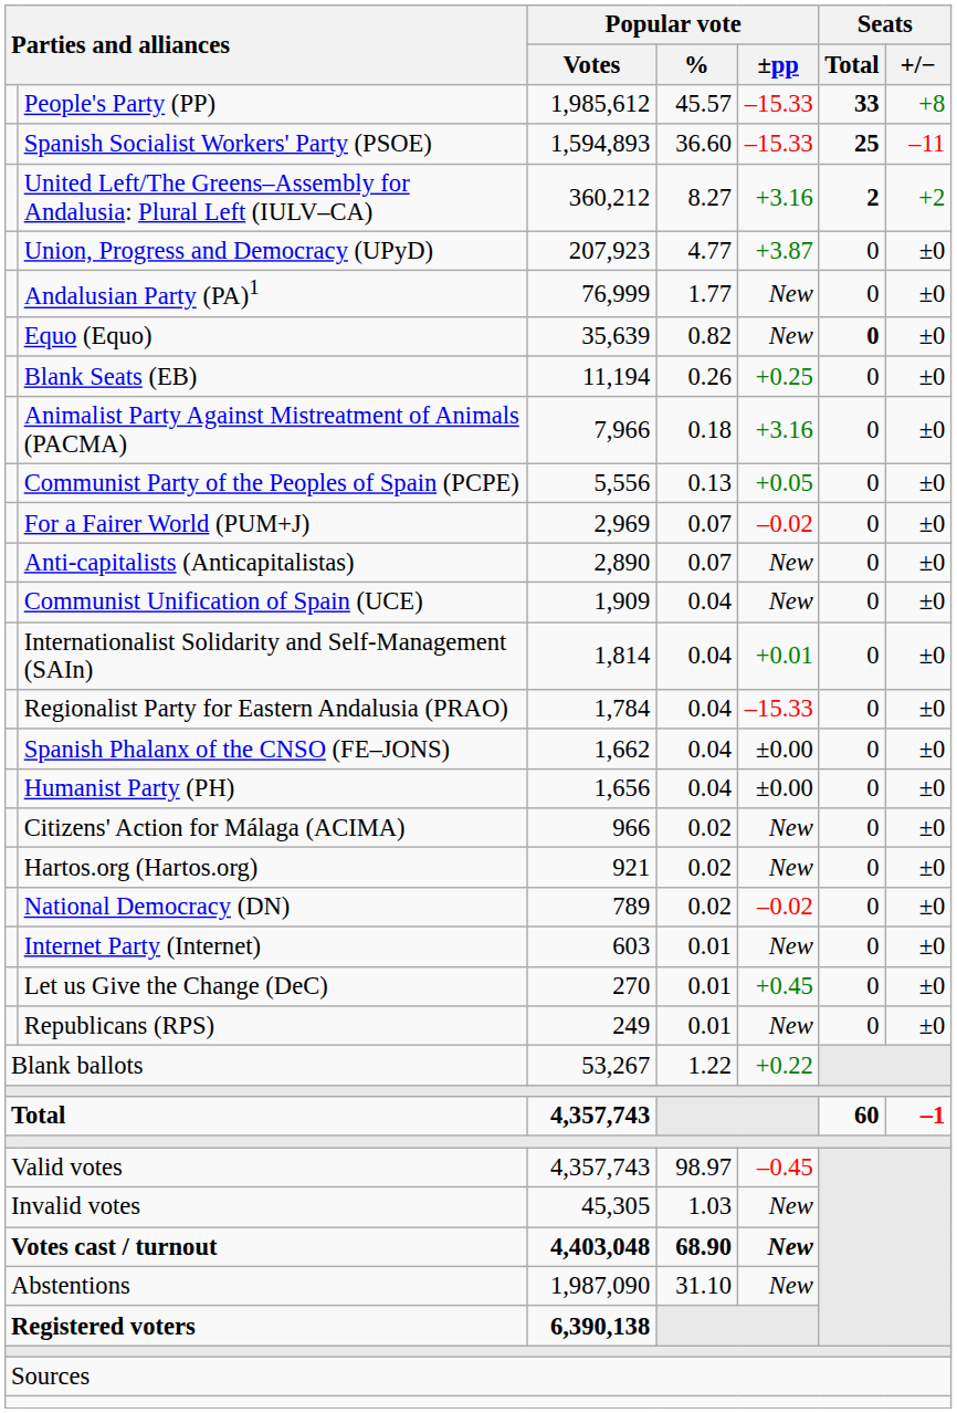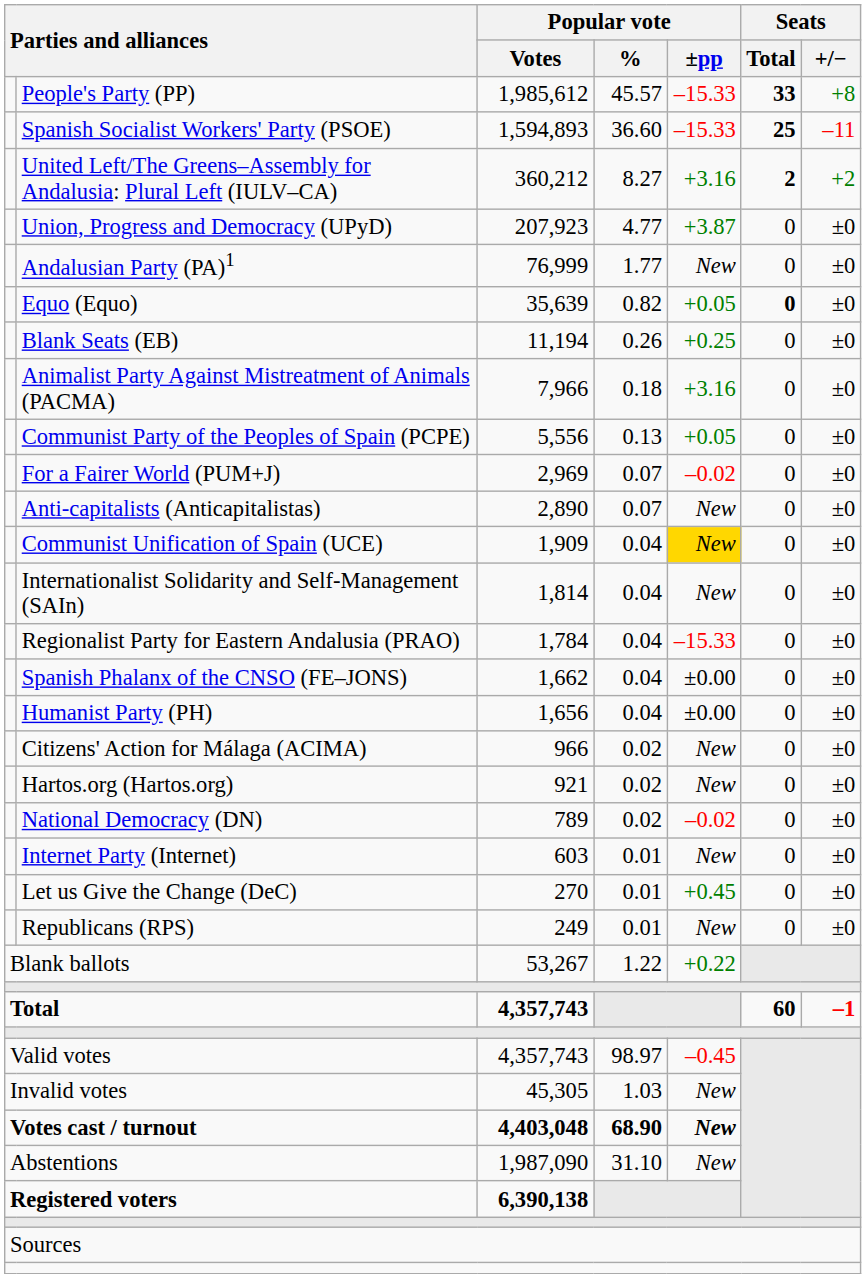 <table class="wikitable" style="text-align:right;">
 <tr>
 <th style="text-align:left;" rowspan="2" colspan="2" width="525">Parties and alliances</th>
 <th colspan="3">Popular vote</th>
 <th colspan="2">Seats</th>
 </tr>
 <tr>
 <th width="75">Votes</th>
 <th width="45">%</th>
 <th width="45">±<a href='#'>pp</a></th>
 <th width="35">Total</th>
 <th width="35">+/−</th>
 </tr>
 <tr>
 <td width="1" style="color:inherit;background:"></td>
 <td align="left"><a href='#'>People's Party</a> (PP)</td>
 <td>1,985,612</td>
 <td>45.57</td>
 <td style="color:red;">–15.33</td>
 <td><strong>33</strong></td>
 <td style="color:green;">+8</td>
 </tr>
 <tr>
 <td style="color:inherit;background:"></td>
 <td align="left"><a href='#'>Spanish Socialist Workers' Party</a> (PSOE)</td>
 <td>1,594,893</td>
 <td>36.60</td>
 <td style="color:red;">–15.33</td>
 <td><strong>25</strong></td>
 <td style="color:red;">–11</td>
 </tr>
 <tr>
 <td style="color:inherit;background:"></td>
 <td align="left"><a href='#'>United Left/The Greens–Assembly for Andalusia</a>: <a href='#'>Plural Left</a> (IULV–CA)</td>
 <td>360,212</td>
 <td>8.27</td>
 <td style="color:green;">+3.16</td>
 <td><strong>2</strong></td>
 <td style="color:green;">+2</td>
 </tr>
 <tr>
 <td style="color:inherit;background:"></td>
 <td align="left"><a href='#'>Union, Progress and Democracy</a> (UPyD)</td>
 <td>207,923</td>
 <td>4.77</td>
 <td style="color:green;">+3.87</td>
 <td>0</td>
 <td>±0</td>
 </tr>
 <tr>
 <td style="color:inherit;background:"></td>
 <td align="left"><a href='#'>Andalusian Party</a> (PA)<sup>1</sup></td>
 <td>76,999</td>
 <td>1.77</td>
 <td><em>New</em></td>
 <td>0</td>
 <td>±0</td>
 </tr>
 <tr>
 <td style="color:inherit;background:"></td>
 <td align="left"><a href='#'>Equo</a> (Equo)</td>
 <td>35,639</td>
 <td>0.82</td>
-<td><em>New</em></td>
+<td style="color:green;">+0.05</td>
 <td><strong>0</strong></td>
 <td>±0</td>
 </tr>
 <tr>
 <td style="color:inherit;background:"></td>
 <td align="left"><a href='#'>Blank Seats</a> (EB)</td>
 <td>11,194</td>
 <td>0.26</td>
 <td style="color:green;">+0.25</td>
 <td>0</td>
 <td>±0</td>
 </tr>
 <tr>
 <td style="color:inherit;background:"></td>
 <td align="left"><a href='#'>Animalist Party Against Mistreatment of Animals</a> (PACMA)</td>
 <td>7,966</td>
 <td>0.18</td>
 <td style="color:green;">+3.16</td>
 <td>0</td>
 <td>±0</td>
 </tr>
 <tr>
 <td style="color:inherit;background:"></td>
 <td align="left"><a href='#'>Communist Party of the Peoples of Spain</a> (PCPE)</td>
 <td>5,556</td>
 <td>0.13</td>
 <td style="color:green;">+0.05</td>
 <td>0</td>
 <td>±0</td>
 </tr>
 <tr>
 <td style="color:inherit;background:"></td>
 <td align="left"><a href='#'>For a Fairer World</a> (PUM+J)</td>
 <td>2,969</td>
 <td>0.07</td>
 <td style="color:red;">–0.02</td>
 <td>0</td>
 <td>±0</td>
 </tr>
 <tr>
 <td style="color:inherit;background:"></td>
 <td align="left"><a href='#'>Anti-capitalists</a> (Anticapitalistas)</td>
 <td>2,890</td>
 <td>0.07</td>
 <td><em>New</em></td>
 <td>0</td>
 <td>±0</td>
 </tr>
 <tr>
 <td style="color:inherit;background:"></td>
 <td align="left"><a href='#'>Communist Unification of Spain</a> (UCE)</td>
 <td>1,909</td>
 <td>0.04</td>
-<td><em>New</em></td>
+<td style="background: gold;"><em>New</em></td>
 <td>0</td>
 <td>±0</td>
 </tr>
 <tr>
 <td style="color:inherit;background:"></td>
 <td align="left">Internationalist Solidarity and Self-Management (SAIn)</td>
 <td>1,814</td>
 <td>0.04</td>
-<td style="color:green;">+0.01</td>
+<td><em>New</em></td>
 <td>0</td>
 <td>±0</td>
 </tr>
 <tr>
 <td style="color:inherit;background:"></td>
 <td align="left">Regionalist Party for Eastern Andalusia (PRAO)</td>
 <td>1,784</td>
 <td>0.04</td>
 <td style="color:red;">–15.33</td>
 <td>0</td>
 <td>±0</td>
 </tr>
 <tr>
 <td style="color:inherit;background:"></td>
 <td align="left"><a href='#'>Spanish Phalanx of the CNSO</a> (FE–JONS)</td>
 <td>1,662</td>
 <td>0.04</td>
 <td>±0.00</td>
 <td>0</td>
 <td>±0</td>
 </tr>
 <tr>
 <td style="color:inherit;background:"></td>
 <td align="left"><a href='#'>Humanist Party</a> (PH)</td>
 <td>1,656</td>
 <td>0.04</td>
 <td>±0.00</td>
 <td>0</td>
 <td>±0</td>
 </tr>
 <tr>
 <td style="color:inherit;background:"></td>
 <td align="left">Citizens' Action for Málaga (ACIMA)</td>
 <td>966</td>
 <td>0.02</td>
 <td><em>New</em></td>
 <td>0</td>
 <td>±0</td>
 </tr>
 <tr>
 <td style="color:inherit;background:"></td>
 <td align="left">Hartos.org (Hartos.org)</td>
 <td>921</td>
 <td>0.02</td>
 <td><em>New</em></td>
 <td>0</td>
 <td>±0</td>
 </tr>
 <tr>
 <td style="color:inherit;background:"></td>
 <td align="left"><a href='#'>National Democracy</a> (DN)</td>
 <td>789</td>
 <td>0.02</td>
 <td style="color:red;">–0.02</td>
 <td>0</td>
 <td>±0</td>
 </tr>
 <tr>
 <td style="color:inherit;background:"></td>
 <td align="left"><a href='#'>Internet Party</a> (Internet)</td>
 <td>603</td>
 <td>0.01</td>
 <td><em>New</em></td>
 <td>0</td>
 <td>±0</td>
 </tr>
 <tr>
 <td style="color:inherit;background:"></td>
 <td align="left">Let us Give the Change (DeC)</td>
 <td>270</td>
 <td>0.01</td>
 <td style="color:green;">+0.45</td>
 <td>0</td>
 <td>±0</td>
 </tr>
 <tr>
 <td style="color:inherit;background:"></td>
 <td align="left">Republicans (RPS)</td>
 <td>249</td>
 <td>0.01</td>
 <td><em>New</em></td>
 <td>0</td>
 <td>±0</td>
 </tr>
 <tr>
 <td align="left" colspan="2">Blank ballots</td>
 <td>53,267</td>
 <td>1.22</td>
 <td style="color:green;">+0.22</td>
 <td bgcolor="#E9E9E9" colspan="2"></td>
 </tr>
 <tr>
 <td colspan="7" bgcolor="#E9E9E9"></td>
 </tr>
 <tr style="font-weight:bold;">
 <td align="left" colspan="2">Total</td>
 <td>4,357,743</td>
 <td bgcolor="#E9E9E9" colspan="2"></td>
 <td>60</td>
 <td style="color:red;">–1</td>
 </tr>
 <tr>
 <td colspan="7" bgcolor="#E9E9E9"></td>
 </tr>
 <tr>
 <td align="left" colspan="2">Valid votes</td>
 <td>4,357,743</td>
 <td>98.97</td>
 <td style="color:red;">–0.45</td>
 <td bgcolor="#E9E9E9" colspan="2" rowspan="5"></td>
 </tr>
 <tr>
 <td align="left" colspan="2">Invalid votes</td>
 <td>45,305</td>
 <td>1.03</td>
 <td><em>New</em></td>
 </tr>
 <tr style="font-weight:bold;">
 <td align="left" colspan="2">Votes cast / turnout</td>
 <td>4,403,048</td>
 <td>68.90</td>
 <td><em>New</em></td>
 </tr>
 <tr>
 <td align="left" colspan="2">Abstentions</td>
 <td>1,987,090</td>
 <td>31.10</td>
 <td><em>New</em></td>
 </tr>
 <tr style="font-weight:bold;">
 <td align="left" colspan="2">Registered voters</td>
 <td>6,390,138</td>
 <td bgcolor="#E9E9E9" colspan="2"></td>
 </tr>
 <tr>
 <td colspan="7" bgcolor="#E9E9E9"></td>
 </tr>
 <tr>
 <td align="left" colspan="7">Sources</td>
 </tr>
 <tr>
 <td colspan="7" style="text-align:left; max-width:790px;"></td>
 </tr>
 </table>
